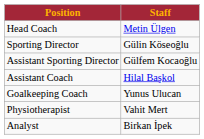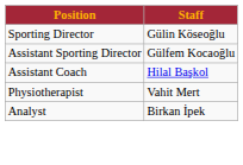 <table class="wikitable plainrowheaders sortable">
 <tr>
 <th style="background:#A32638; color:#FFB300; ">Position</th>
 <th style="background:#A32638; color:#FFB300; ">Staff</th>
-</tr>
-<tr>
-<td>Head Coach</td>
-<td align=left> <a href='#'>Metin Ülgen</a></td>
 </tr>
 <tr>
 <td>Sporting Director</td>
 <td align=left> Gülin Köseoğlu</td>
 </tr>
 <tr>
 <td>Assistant Sporting Director</td>
 <td align=left> Gülfem Kocaoğlu</td>
 </tr>
 <tr>
 <td>Assistant Coach</td>
 <td align=left> <a href='#'>Hilal Başkol</a></td>
 </tr>
 <tr>
-<td>Goalkeeping Coach</td>
-<td align=left> Yunus Ulucan</td>
-</tr>
-<tr>
 <td>Physiotherapist</td>
 <td align=left> Vahit Mert</td>
 </tr>
 <tr>
 <td>Analyst</td>
 <td align=left> Birkan İpek</td>
 </tr>
 </table>
